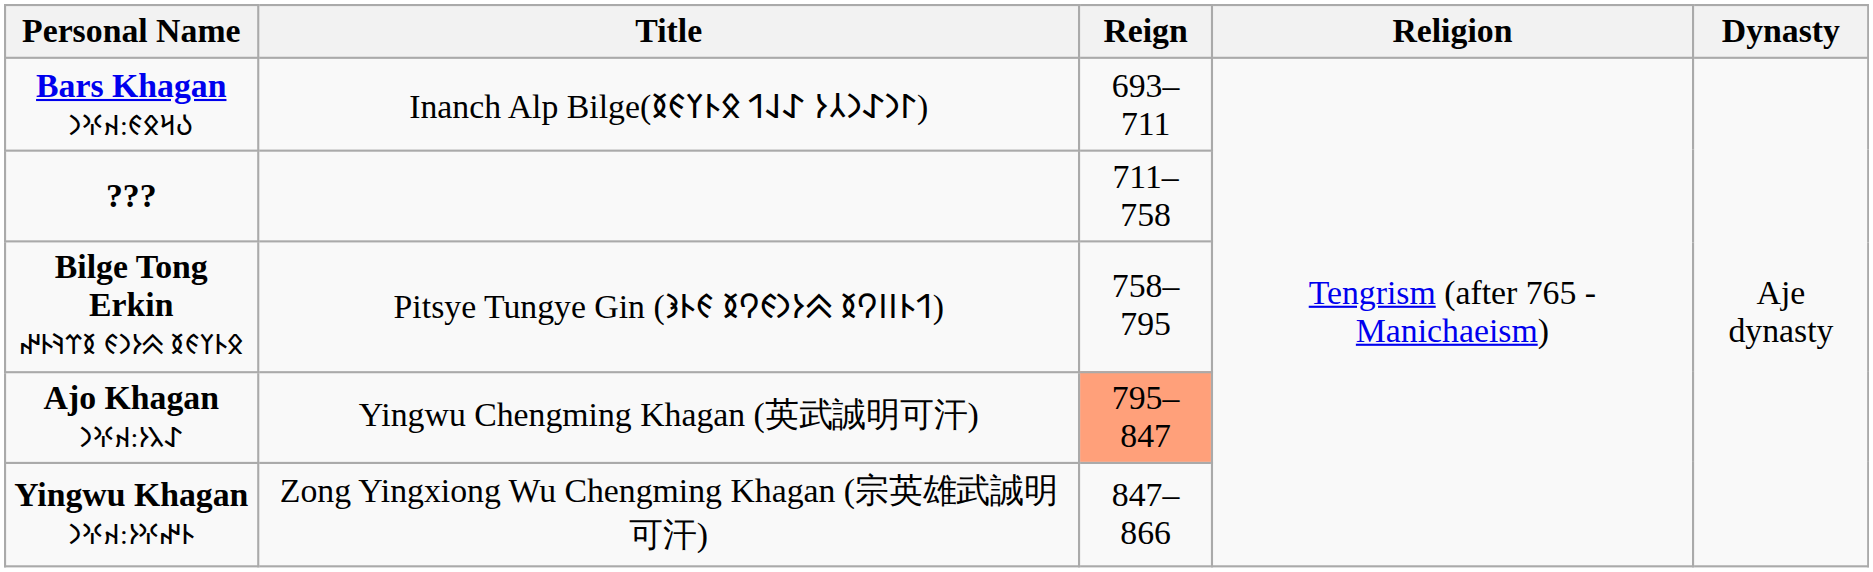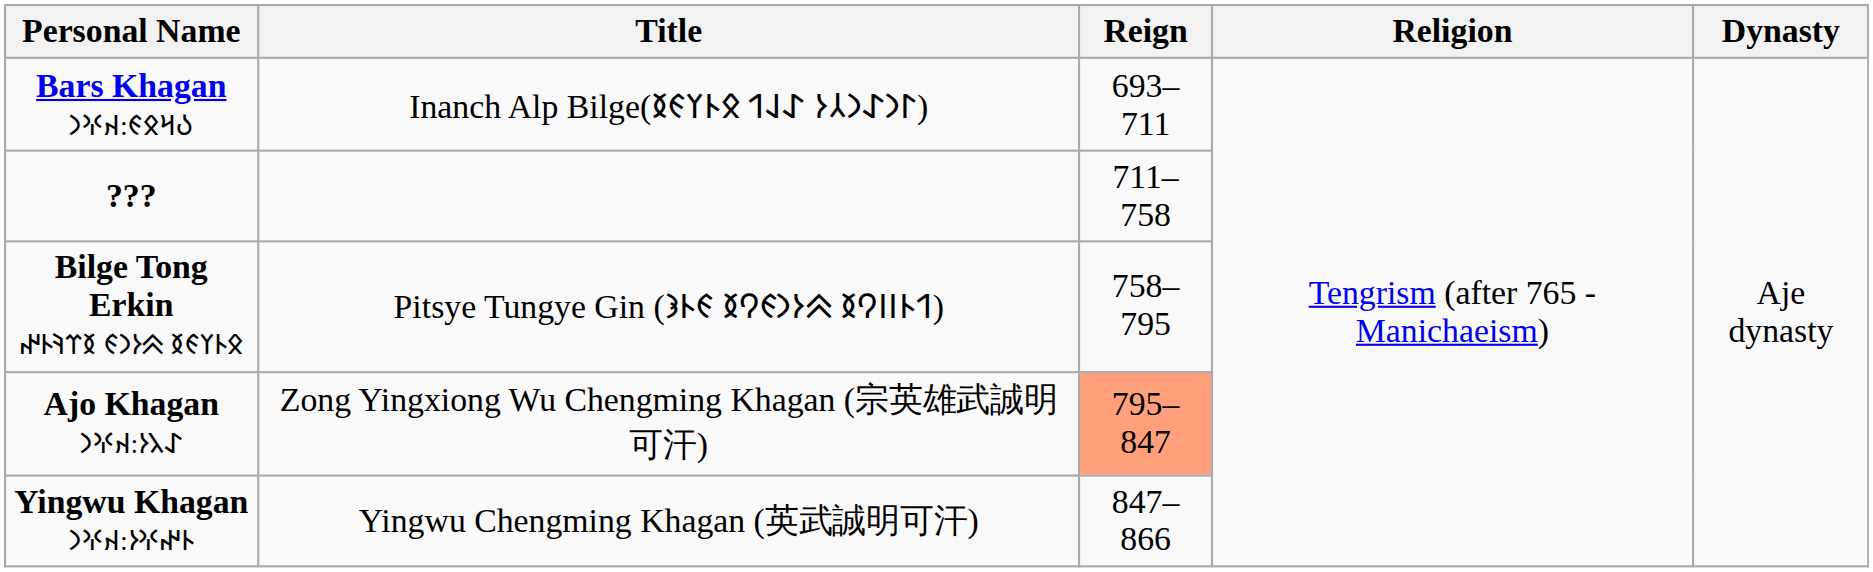 <table width=100% class="wikitable">
 <tr>
 <th>Personal Name</th>
 <th>Title</th>
 <th>Reign</th>
 <th>Religion</th>
 <th>Dynasty</th>
 </tr>
 <tr>
 <td align="center"><strong><a href='#'>Bars Khagan</a></strong> <br> <small>𐰴𐰍𐰣‎:𐰉𐰺𐰋𐰏</small></td>
 <td align="center">Inanch Alp Bilge(𐰃𐰣𐰀𐰣𐰲𐰆 𐰀𐰞𐰯 𐰋𐰄𐰠𐰏𐰅)</td>
 <td align="center">693–711</td>
 <td rowspan="5" align="center"><a href='#'>Tengrism</a> (after 765 - <a href='#'>Manichaeism</a>)</td>
 <td rowspan="5" align="center">Aje dynasty</td>
 </tr>
 <tr>
 <td align="center"><strong>???</strong> <br> <small></small></td>
 <td align="center"></td>
 <td align="center">711–758</td>
 </tr>
 <tr>
 <td align="center"><strong>Bilge Tong Erkin</strong> <br> <small>𐰋𐰄𐰠𐰏𐰅 𐱄𐰆𐰣𐰏 𐰅𐰼𐰚𐰄𐰤</small></td>
 <td align="center">Pitsye Tungye Gin (𐰯𐰄𐰾𐰾𐰘𐰅 𐱄𐰆𐰣𐰏𐰘𐰅 𐰏𐰄𐰪)</td>
 <td align="center">758–795</td>
 </tr>
 <tr>
 <td align="center"><strong>Ajo Khagan</strong> <br> <small>𐰴𐰍𐰣‎:𐰀𐰳𐰆</small></td>
-<td align="center">Yingwu Chengming Khagan (英武誠明可汗)</td>
+<td align="center">Zong Yingxiong Wu Chengming Khagan (宗英雄武誠明可汗)</td>
 <td align="center" style="background: lightsalmon;">795–847</td>
 </tr>
 <tr>
 <td align="center"><strong>Yingwu Khagan</strong><br> <small>𐰴𐰍𐰣‎:𐰄𐰤𐰍𐰆</small></td>
-<td align="center">Zong Yingxiong Wu Chengming Khagan (宗英雄武誠明可汗)</td>
+<td align="center">Yingwu Chengming Khagan (英武誠明可汗)</td>
 <td align="center">847–866</td>
 </tr>
 </table>
